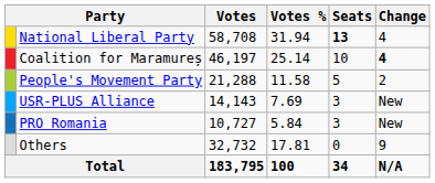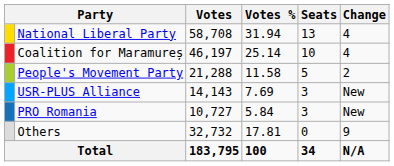 <table class="wikitable">
 <tr>
 <th colspan="2">Party</th>
 <th>Votes</th>
 <th>Votes %</th>
 <th>Seats</th>
 <th>Change</th>
 </tr>
 <tr>
 <td style="background:#ffdd00;" width="5"></td>
 <td><a href='#'>National Liberal Party</a></td>
 <td>58,708</td>
 <td>31.94</td>
-<td><strong>13</strong></td>
+<td>13</td>
 <td>4</td>
 </tr>
 <tr>
 <td style="background:#ed2128;" width="5"></td>
 <td>Coalition for Maramureș</td>
 <td>46,197</td>
 <td>25.14</td>
 <td>10</td>
-<td><strong>4</strong></td>
+<td>4</td>
 </tr>
 <tr>
 <td style="background:#a7cf35;" width="5"></td>
 <td><a href='#'>People's Movement Party</a></td>
 <td>21,288</td>
 <td>11.58</td>
 <td>5</td>
 <td>2</td>
 </tr>
 <tr>
 <td style="background:#00a6ff;" width="5"></td>
 <td><a href='#'>USR-PLUS Alliance</a></td>
 <td>14,143</td>
 <td>7.69</td>
 <td>3</td>
 <td>New</td>
 </tr>
 <tr>
 <td style="background:#1572ba;" width="5"></td>
 <td><a href='#'>PRO Romania</a></td>
 <td>10,727</td>
 <td>5.84</td>
 <td>3</td>
 <td>New</td>
 </tr>
 <tr>
 <td style="background:#dcdcdc;" width="5"></td>
 <td>Others</td>
 <td>32,732</td>
 <td>17.81</td>
 <td>0</td>
 <td>9</td>
 </tr>
 <tr>
 <th colspan="2">Total</th>
 <td><strong>183,795</strong></td>
 <td><strong>100</strong></td>
 <td><strong>34</strong></td>
 <td><strong>N/A</strong></td>
 </tr>
 </table>
